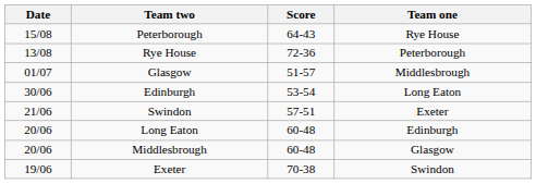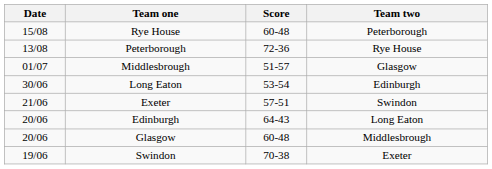 <table class="wikitable" style="text-align: center">
 <tr>
 <th width=80>Date</th>
+<th width=250>Team one</th>
+<th width=80>Score</th>
 <th width=250>Team two</th>
-<th width=80>Score</th>
-<th width=250>Team one</th>
 </tr>
 <tr>
 <td>15/08</td>
+<td>Rye House</td>
+<td>60-48</td>
 <td>Peterborough</td>
-<td>64-43</td>
+</tr>
+<tr>
+<td>13/08</td>
+<td>Peterborough</td>
+<td>72-36</td>
 <td>Rye House</td>
 </tr>
 <tr>
-<td>13/08</td>
-<td>Rye House</td>
-<td>72-36</td>
-<td>Peterborough</td>
+<td>01/07</td>
+<td>Middlesbrough</td>
+<td>51-57</td>
+<td>Glasgow</td>
 </tr>
 <tr>
-<td>01/07</td>
+<td>30/06</td>
+<td>Long Eaton</td>
+<td>53-54</td>
+<td>Edinburgh</td>
+</tr>
+<tr>
+<td>21/06</td>
+<td>Exeter</td>
+<td>57-51</td>
+<td>Swindon</td>
+</tr>
+<tr>
+<td>20/06</td>
+<td>Edinburgh</td>
+<td>64-43</td>
+<td>Long Eaton</td>
+</tr>
+<tr>
+<td>20/06</td>
 <td>Glasgow</td>
-<td>51-57</td>
+<td>60-48</td>
 <td>Middlesbrough</td>
 </tr>
 <tr>
-<td>30/06</td>
-<td>Edinburgh</td>
-<td>53-54</td>
-<td>Long Eaton</td>
-</tr>
-<tr>
-<td>21/06</td>
+<td>19/06</td>
 <td>Swindon</td>
-<td>57-51</td>
+<td>70-38</td>
 <td>Exeter</td>
 </tr>
-<tr>
-<td>20/06</td>
-<td>Long Eaton</td>
-<td>60-48</td>
-<td>Edinburgh</td>
-</tr>
-<tr>
-<td>20/06</td>
-<td>Middlesbrough</td>
-<td>60-48</td>
-<td>Glasgow</td>
-</tr>
-<tr>
-<td>19/06</td>
-<td>Exeter</td>
-<td>70-38</td>
-<td>Swindon</td>
-</tr>
 </table>
